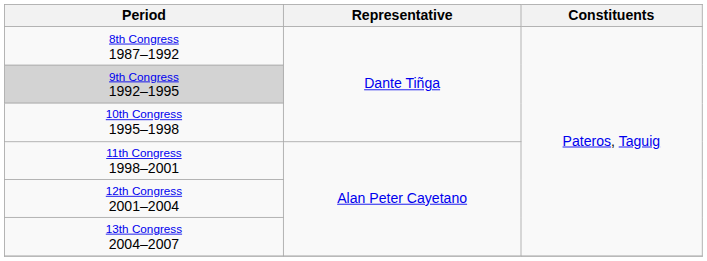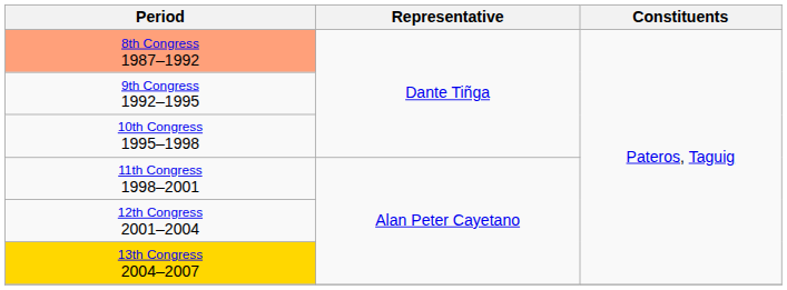 <table class="wikitable" style="text-align:center; width:40%;">
 <tr>
 <th width="40%">Period</th>
 <th>Representative</th>
 <th>Constituents</th>
 </tr>
 <tr>
-<td><small><a href='#'>8th Congress</a></small><br>1987–1992</td>
+<td style="background: lightsalmon;"><small><a href='#'>8th Congress</a></small><br>1987–1992</td>
 <td rowspan="3"><a href='#'>Dante Tiñga</a></td>
 <td rowspan="6"><a href='#'>Pateros</a>, <a href='#'>Taguig</a> </td>
 </tr>
 <tr>
-<td style="background: lightgrey;"><small><a href='#'>9th Congress</a></small><br>1992–1995</td>
+<td><small><a href='#'>9th Congress</a></small><br>1992–1995</td>
 </tr>
 <tr>
 <td><small><a href='#'>10th Congress</a></small><br>1995–1998</td>
 </tr>
 <tr>
 <td><small><a href='#'>11th Congress</a></small><br>1998–2001</td>
 <td rowspan="3"><a href='#'>Alan Peter Cayetano</a></td>
 </tr>
 <tr>
 <td><small><a href='#'>12th Congress</a></small><br>2001–2004</td>
 </tr>
 <tr>
-<td><small><a href='#'>13th Congress</a></small><br>2004–2007</td>
+<td style="background: gold;"><small><a href='#'>13th Congress</a></small><br>2004–2007</td>
 </tr>
 <tr>
 </tr>
 </table>
